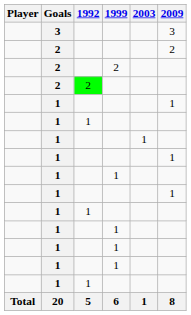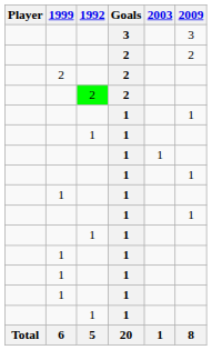 <table class="wikitable sortable" style="text-align:center;">
 <tr>
 <th>Player</th>
+<th><a href='#'>1999</a></th>
+<th><a href='#'>1992</a></th>
 <th>Goals</th>
-<th><a href='#'>1992</a></th>
-<th><a href='#'>1999</a></th>
 <th><a href='#'>2003</a></th>
 <th><a href='#'>2009</a></th>
 </tr>
 <tr>
 <td align="left"></td>
-<th>3</th>
 <td></td>
 <td></td>
+<th>3</th>
 <td></td>
 <td>3</td>
 </tr>
 <tr>
 <td align="left"></td>
-<th>2</th>
 <td></td>
 <td></td>
+<th>2</th>
 <td></td>
 <td>2</td>
 </tr>
 <tr>
 <td align="left"></td>
+<td>2</td>
+<td></td>
 <th>2</th>
-<td></td>
-<td>2</td>
 <td></td>
 <td></td>
 </tr>
 <tr>
 <td align="left"></td>
+<td></td>
+<td style="background:#00FF00">2</td>
 <th>2</th>
-<td style="background:#00FF00">2</td>
-<td></td>
 <td></td>
 <td></td>
 </tr>
 <tr>
 <td align="left"></td>
-<th>1</th>
 <td></td>
 <td></td>
+<th>1</th>
 <td></td>
 <td>1</td>
 </tr>
 <tr>
 <td align="left"></td>
+<td></td>
+<td>1</td>
 <th>1</th>
-<td>1</td>
-<td></td>
 <td></td>
 <td></td>
 </tr>
 <tr>
 <td align="left"></td>
-<th>1</th>
 <td></td>
 <td></td>
+<th>1</th>
 <td>1</td>
 <td></td>
 </tr>
 <tr>
 <td align="left"></td>
-<th>1</th>
 <td></td>
 <td></td>
+<th>1</th>
 <td></td>
 <td>1</td>
 </tr>
 <tr>
 <td align="left"></td>
+<td>1</td>
+<td></td>
 <th>1</th>
-<td></td>
-<td>1</td>
 <td></td>
 <td></td>
 </tr>
 <tr>
 <td align="left"></td>
-<th>1</th>
 <td></td>
 <td></td>
+<th>1</th>
 <td></td>
 <td>1</td>
 </tr>
 <tr>
 <td align="left"></td>
+<td></td>
+<td>1</td>
 <th>1</th>
-<td>1</td>
-<td></td>
 <td></td>
 <td></td>
 </tr>
 <tr>
 <td align="left"></td>
+<td>1</td>
+<td></td>
 <th>1</th>
-<td></td>
-<td>1</td>
 <td></td>
 <td></td>
 </tr>
 <tr>
 <td align="left"></td>
+<td>1</td>
+<td></td>
 <th>1</th>
-<td></td>
-<td>1</td>
 <td></td>
 <td></td>
 </tr>
 <tr>
 <td align="left"></td>
+<td>1</td>
+<td></td>
 <th>1</th>
-<td></td>
-<td>1</td>
 <td></td>
 <td></td>
 </tr>
 <tr>
 <td align="left"></td>
+<td></td>
+<td>1</td>
 <th>1</th>
-<td>1</td>
-<td></td>
 <td></td>
 <td></td>
 </tr>
 <tr class="sortbottom">
 <th>Total</th>
+<th>6</th>
+<th>5</th>
 <th>20</th>
-<th>5</th>
-<th>6</th>
 <th>1</th>
 <th>8</th>
 </tr>
 </table>
